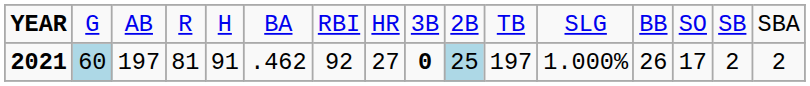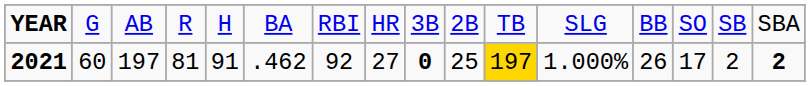 <table class="wikitable">
 <tr align=center>
 <td><strong>YEAR</strong></td>
 <td><a href='#'>G</a></td>
 <td><a href='#'>AB</a></td>
 <td><a href='#'>R</a></td>
 <td><a href='#'>H</a></td>
 <td><a href='#'>BA</a></td>
 <td><a href='#'>RBI</a></td>
 <td><a href='#'>HR</a></td>
 <td><a href='#'>3B</a></td>
 <td><a href='#'>2B</a></td>
 <td><a href='#'>TB</a></td>
 <td><a href='#'>SLG</a></td>
 <td><a href='#'>BB</a></td>
 <td><a href='#'>SO</a></td>
 <td><a href='#'>SB</a></td>
 <td>SBA</td>
 </tr>
 <tr align=center>
 <td><strong>2021</strong></td>
-<td style="background: lightblue;">60</td>
+<td>60</td>
 <td>197</td>
 <td>81</td>
 <td>91</td>
 <td>.462</td>
 <td>92</td>
 <td>27</td>
 <td><strong>0</strong></td>
-<td style="background: lightblue;">25</td>
-<td>197</td>
+<td>25</td>
+<td style="background: gold;">197</td>
 <td>1.000%</td>
 <td>26</td>
 <td>17</td>
 <td>2</td>
-<td>2</td>
+<td><strong>2</strong></td>
 </tr>
 </table>
